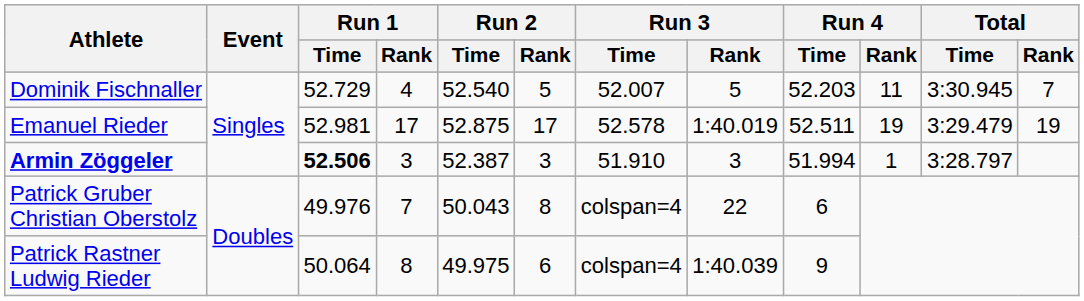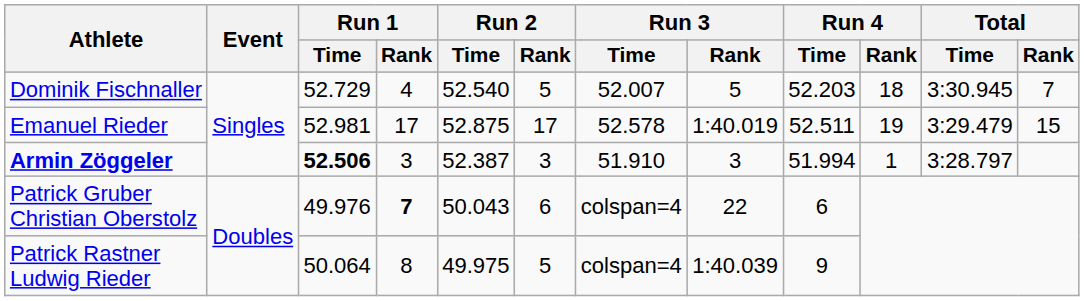 <table class="wikitable" style="font-size:90%">
 <tr>
 <th rowspan="2">Athlete</th>
 <th rowspan="2">Event</th>
 <th colspan="2">Run 1</th>
 <th colspan="2">Run 2</th>
 <th colspan="2">Run 3</th>
 <th colspan="2">Run 4</th>
 <th colspan="2">Total</th>
 </tr>
 <tr style="font-size:95%">
 <th>Time</th>
 <th>Rank</th>
 <th>Time</th>
 <th>Rank</th>
 <th>Time</th>
 <th>Rank</th>
 <th>Time</th>
 <th>Rank</th>
 <th>Time</th>
 <th>Rank</th>
 </tr>
 <tr align=center>
 <td align=left><a href='#'>Dominik Fischnaller</a></td>
 <td align=left rowspan=3><a href='#'>Singles</a></td>
 <td>52.729</td>
 <td>4</td>
 <td>52.540</td>
 <td>5</td>
 <td>52.007</td>
 <td>5</td>
 <td>52.203</td>
-<td>11</td>
+<td>18</td>
 <td>3:30.945</td>
 <td>7</td>
 </tr>
 <tr align=center>
 <td align=left><a href='#'>Emanuel Rieder</a></td>
 <td>52.981</td>
 <td>17</td>
 <td>52.875</td>
 <td>17</td>
 <td>52.578</td>
 <td>1:40.019</td>
 <td>52.511</td>
 <td>19</td>
 <td>3:29.479</td>
-<td>19</td>
+<td>15</td>
 </tr>
 <tr align=center>
 <td align=left><strong><a href='#'>Armin Zöggeler</a></strong></td>
 <td><strong>52.506</strong></td>
 <td>3</td>
 <td>52.387</td>
 <td>3</td>
 <td>51.910</td>
 <td>3</td>
 <td>51.994</td>
 <td>1</td>
 <td>3:28.797</td>
 <td></td>
 </tr>
 <tr align=center>
 <td align=left><a href='#'>Patrick Gruber</a><br><a href='#'>Christian Oberstolz</a></td>
 <td align=left rowspan=2><a href='#'>Doubles</a></td>
 <td>49.976</td>
-<td>7</td>
+<td><strong>7</strong></td>
 <td>50.043</td>
-<td>8</td>
+<td>6</td>
 <td>colspan=4 </td>
 <td>22</td>
 <td>6</td>
 </tr>
 <tr align=center>
 <td align=left><a href='#'>Patrick Rastner</a><br><a href='#'>Ludwig Rieder</a></td>
 <td>50.064</td>
 <td>8</td>
 <td>49.975</td>
-<td>6</td>
+<td>5</td>
 <td>colspan=4 </td>
 <td>1:40.039</td>
 <td>9</td>
 </tr>
 </table>
